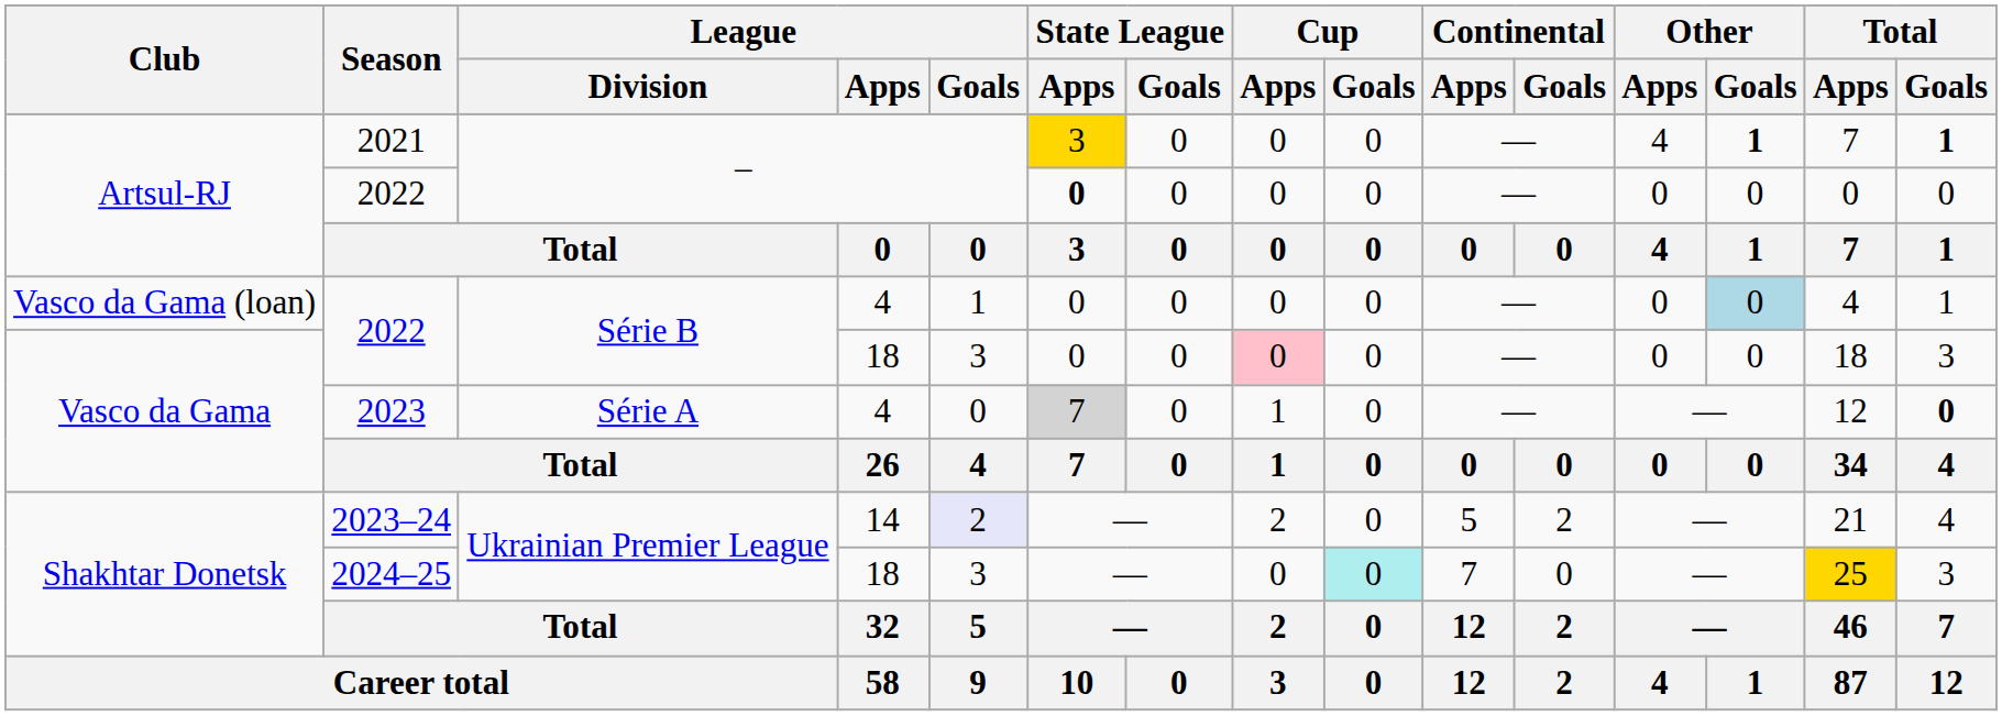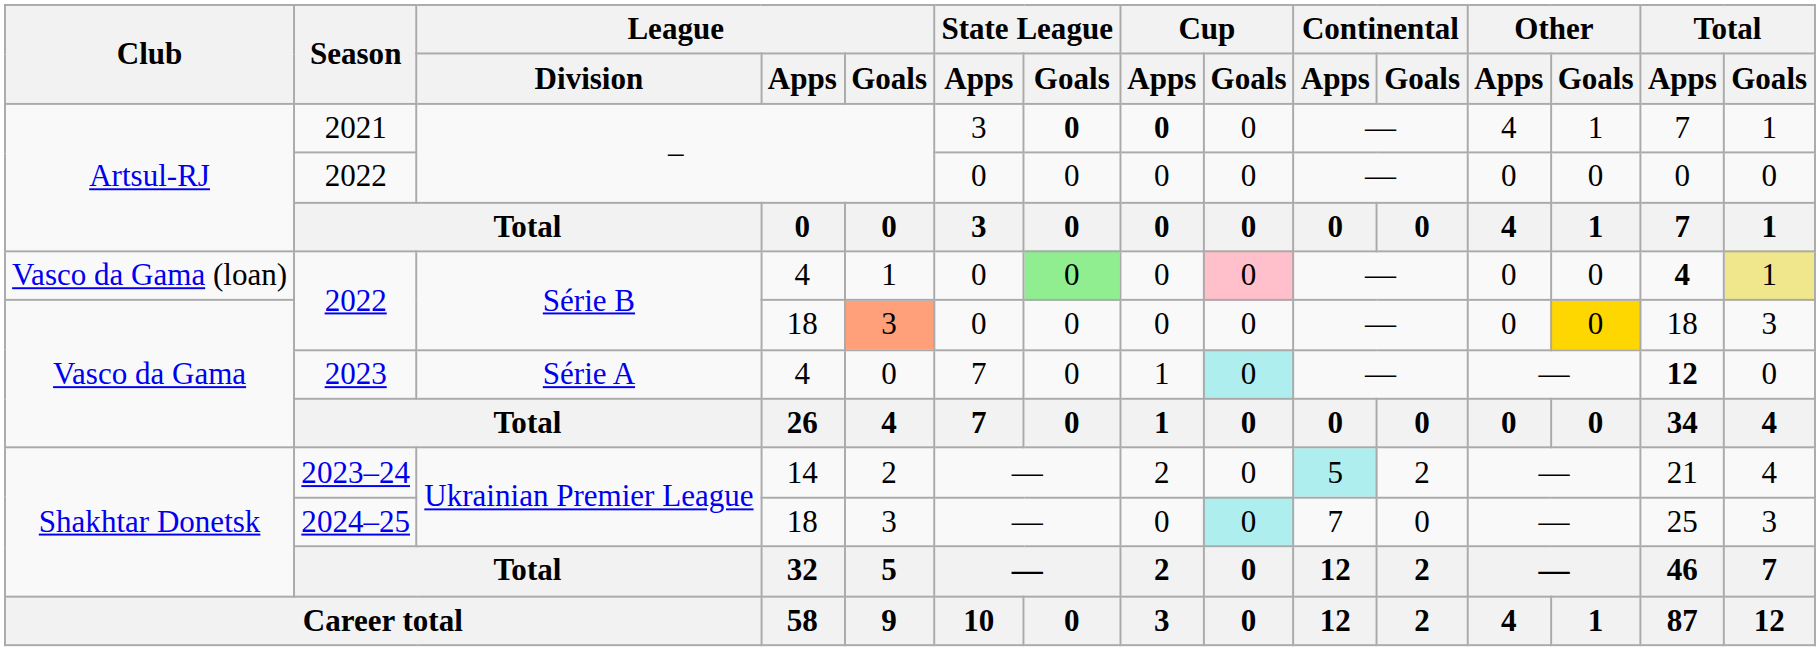 <table class="wikitable" style="text-align: center;">
 <tr>
 <th rowspan="2">Club</th>
 <th rowspan="2">Season</th>
 <th colspan="3">League</th>
 <th colspan="2">State League</th>
 <th colspan="2">Cup</th>
 <th colspan="2">Continental</th>
 <th colspan="2">Other</th>
 <th colspan="2">Total</th>
 </tr>
 <tr>
 <th>Division</th>
 <th>Apps</th>
 <th>Goals</th>
 <th>Apps</th>
 <th>Goals</th>
 <th>Apps</th>
 <th>Goals</th>
 <th>Apps</th>
 <th>Goals</th>
 <th>Apps</th>
 <th>Goals</th>
 <th>Apps</th>
 <th>Goals</th>
 </tr>
 <tr>
 <td rowspan="3"><a href='#'>Artsul-RJ</a></td>
 <td>2021</td>
 <td colspan="3" rowspan="2">–</td>
-<td style="background: gold;">3</td>
-<td>0</td>
-<td>0</td>
+<td>3</td>
+<td><strong>0</strong></td>
+<td><strong>0</strong></td>
 <td>0</td>
 <td colspan="2">—</td>
 <td>4</td>
-<td><strong>1</strong></td>
+<td>1</td>
 <td>7</td>
-<td><strong>1</strong></td>
+<td>1</td>
 </tr>
 <tr>
 <td>2022</td>
-<td><strong>0</strong></td>
+<td>0</td>
 <td>0</td>
 <td>0</td>
 <td>0</td>
 <td colspan="2">—</td>
 <td>0</td>
 <td>0</td>
 <td>0</td>
 <td>0</td>
 </tr>
 <tr>
 <th colspan="2"><strong>Total</strong></th>
 <th>0</th>
 <th>0</th>
 <th>3</th>
 <th>0</th>
 <th>0</th>
 <th>0</th>
 <th>0</th>
 <th>0</th>
 <th>4</th>
 <th>1</th>
 <th>7</th>
 <th>1</th>
 </tr>
 <tr>
 <td><a href='#'>Vasco da Gama</a> (loan)</td>
 <td rowspan="2"><a href='#'>2022</a></td>
 <td rowspan="2"><a href='#'>Série B</a></td>
 <td>4</td>
 <td>1</td>
 <td>0</td>
+<td style="background: lightgreen;">0</td>
+<td>0</td>
+<td style="background: pink;">0</td>
+<td colspan="2">—</td>
+<td>0</td>
+<td>0</td>
+<td><strong>4</strong></td>
+<td style="background: khaki;">1</td>
+</tr>
+<tr>
+<td rowspan="3"><a href='#'>Vasco da Gama</a></td>
+<td>18</td>
+<td style="background: lightsalmon;">3</td>
+<td>0</td>
 <td>0</td>
 <td>0</td>
 <td>0</td>
 <td colspan="2">—</td>
 <td>0</td>
-<td style="background: lightblue;">0</td>
-<td>4</td>
-<td>1</td>
-</tr>
-<tr>
-<td rowspan="3"><a href='#'>Vasco da Gama</a></td>
-<td>18</td>
-<td>3</td>
-<td>0</td>
-<td>0</td>
-<td style="background: pink;">0</td>
-<td>0</td>
-<td colspan="2">—</td>
-<td>0</td>
-<td>0</td>
+<td style="background: gold;">0</td>
 <td>18</td>
 <td>3</td>
 </tr>
 <tr>
 <td><a href='#'>2023</a></td>
 <td><a href='#'>Série A</a></td>
 <td>4</td>
 <td>0</td>
-<td style="background: lightgrey;">7</td>
+<td>7</td>
 <td>0</td>
 <td>1</td>
-<td>0</td>
+<td style="background: paleturquoise;">0</td>
 <td colspan="2">—</td>
 <td colspan="2">—</td>
-<td>12</td>
-<td><strong>0</strong></td>
+<td><strong>12</strong></td>
+<td>0</td>
 </tr>
 <tr>
 <th colspan="2"><strong>Total</strong></th>
 <th>26</th>
 <th>4</th>
 <th>7</th>
 <th>0</th>
 <th>1</th>
 <th>0</th>
 <th>0</th>
 <th>0</th>
 <th>0</th>
 <th>0</th>
 <th>34</th>
 <th>4</th>
 </tr>
 <tr>
 <td rowspan="3"><a href='#'>Shakhtar Donetsk</a></td>
 <td><a href='#'>2023–24</a></td>
 <td rowspan="2"><a href='#'>Ukrainian Premier League</a></td>
 <td>14</td>
-<td style="background: lavender;">2</td>
+<td>2</td>
 <td colspan="2">—</td>
 <td>2</td>
 <td>0</td>
-<td>5</td>
+<td style="background: paleturquoise;">5</td>
 <td>2</td>
 <td colspan="2">—</td>
 <td>21</td>
 <td>4</td>
 </tr>
 <tr>
 <td><a href='#'>2024–25</a></td>
 <td>18</td>
 <td>3</td>
 <td colspan="2">—</td>
 <td>0</td>
 <td style="background: paleturquoise;">0</td>
 <td>7</td>
 <td>0</td>
 <td colspan="2">—</td>
-<td style="background: gold;">25</td>
+<td>25</td>
 <td>3</td>
 </tr>
 <tr>
 <th colspan="2">Total</th>
 <th>32</th>
 <th>5</th>
 <th colspan="2">—</th>
 <th>2</th>
 <th>0</th>
 <th>12</th>
 <th>2</th>
 <th colspan="2">—</th>
 <th>46</th>
 <th>7</th>
 </tr>
 <tr>
 <th colspan="3"><strong>Career total</strong></th>
 <th>58</th>
 <th>9</th>
 <th>10</th>
 <th>0</th>
 <th>3</th>
 <th>0</th>
 <th>12</th>
 <th>2</th>
 <th>4</th>
 <th>1</th>
 <th>87</th>
 <th>12</th>
 </tr>
 </table>
